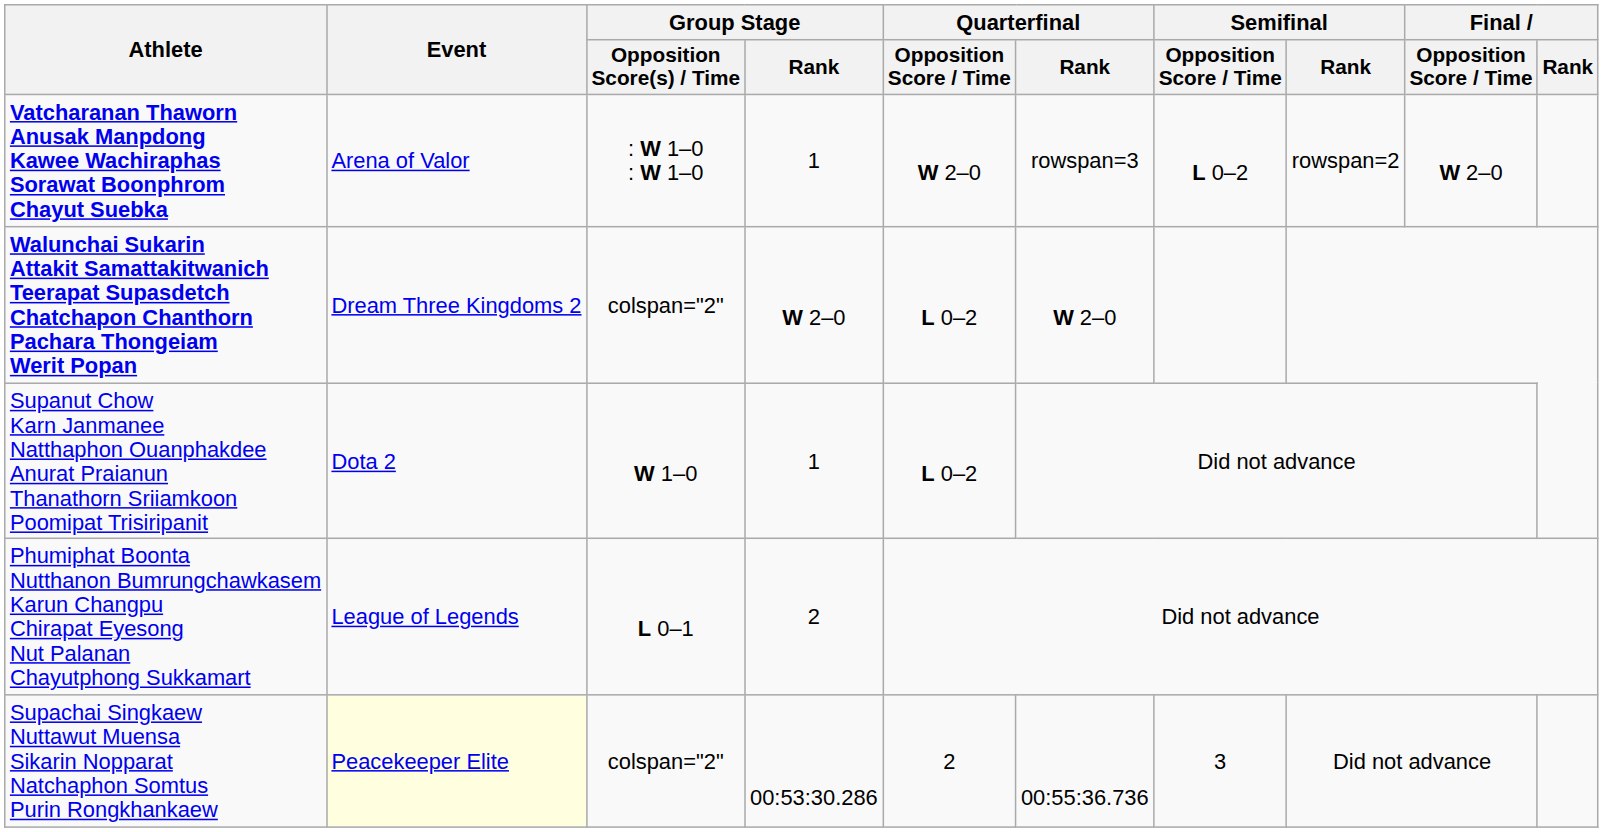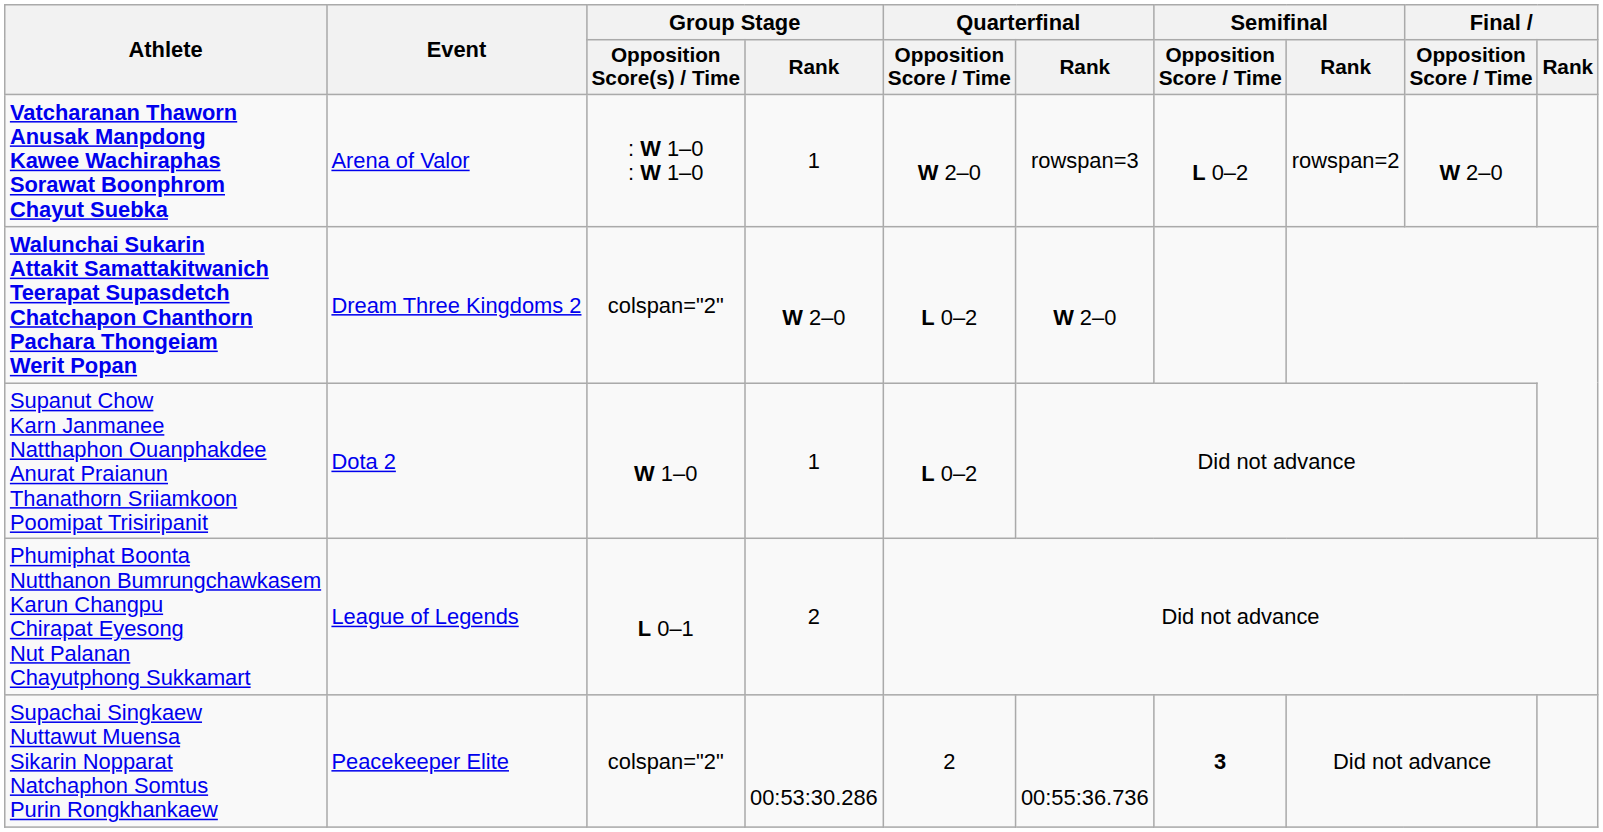 <table class="wikitable" style="font-size:90%;text-align:center">
 <tr>
 <th rowspan="2">Athlete</th>
 <th rowspan="2">Event</th>
 <th colspan="2">Group Stage</th>
 <th colspan="2">Quarterfinal</th>
 <th colspan="2">Semifinal</th>
 <th colspan="2">Final / </th>
 </tr>
 <tr style=font-size:95%>
 <th>Opposition<br>Score(s) / Time</th>
 <th>Rank</th>
 <th>Opposition<br>Score / Time</th>
 <th>Rank</th>
 <th>Opposition<br>Score / Time</th>
 <th>Rank</th>
 <th>Opposition<br>Score / Time</th>
 <th>Rank</th>
 </tr>
 <tr>
 <td align="left"><strong><a href='#'>Vatcharanan Thaworn</a><br><a href='#'>Anusak Manpdong</a><br><a href='#'>Kawee Wachiraphas</a><br><a href='#'>Sorawat Boonphrom</a><br><a href='#'>Chayut Suebka</a></strong></td>
 <td align="left"><a href='#'>Arena of Valor</a></td>
 <td>: <strong>W</strong> 1–0<br>: <strong>W</strong> 1–0</td>
 <td>1  <strong></strong></td>
 <td><br><strong>W</strong> 2–0</td>
 <td>rowspan=3 </td>
 <td><br><strong>L</strong> 0–2</td>
 <td>rowspan=2 </td>
 <td><br><strong>W</strong> 2–0</td>
 <td></td>
 </tr>
 <tr>
 <td align="left"><strong><a href='#'>Walunchai Sukarin</a><br><a href='#'>Attakit Samattakitwanich</a><br><a href='#'>Teerapat Supasdetch</a><br><a href='#'>Chatchapon Chanthorn</a><br><a href='#'>Pachara Thongeiam</a><br><a href='#'>Werit Popan</a></strong></td>
 <td align="left"><a href='#'>Dream Three Kingdoms 2</a></td>
 <td>colspan="2" </td>
 <td><br><strong>W</strong> 2–0</td>
 <td><br><strong>L</strong> 0–2</td>
 <td><br><strong>W</strong> 2–0</td>
 <td></td>
 </tr>
 <tr>
 <td align="left"><a href='#'>Supanut Chow</a><br><a href='#'>Karn Janmanee</a><br><a href='#'>Natthaphon Ouanphakdee</a><br><a href='#'>Anurat Praianun</a><br><a href='#'>Thanathorn Sriiamkoon</a><br><a href='#'>Poomipat Trisiripanit</a></td>
 <td align="left"><a href='#'>Dota 2</a></td>
 <td><br><strong>W</strong> 1–0</td>
 <td>1  <strong></strong></td>
 <td><br><strong>L</strong> 0–2</td>
 <td colspan="4">Did not advance</td>
 </tr>
 <tr>
 <td align="left"><a href='#'>Phumiphat Boonta</a><br><a href='#'>Nutthanon Bumrungchawkasem</a><br><a href='#'>Karun Changpu</a><br><a href='#'>Chirapat Eyesong</a><br><a href='#'>Nut Palanan</a><br><a href='#'>Chayutphong Sukkamart</a></td>
 <td align="left"><a href='#'>League of Legends</a></td>
 <td><br><strong>L</strong> 0–1</td>
 <td>2</td>
 <td colspan="6">Did not advance</td>
 </tr>
 <tr>
 <td align="left"><a href='#'>Supachai Singkaew</a><br><a href='#'>Nuttawut Muensa</a><br><a href='#'>Sikarin Nopparat</a><br><a href='#'>Natchaphon Somtus</a><br><a href='#'>Purin Rongkhankaew</a></td>
-<td align="left" style="background: lightyellow;"><a href='#'>Peacekeeper Elite</a></td>
+<td align="left"><a href='#'>Peacekeeper Elite</a></td>
 <td>colspan="2" </td>
 <td><br><br><br>  00:53:30.286</td>
 <td>2  <strong></strong></td>
 <td><br><br><br> 00:55:36.736</td>
-<td>3</td>
+<td><strong>3</strong></td>
 <td colspan="2">Did not advance</td>
 </tr>
 </table>
